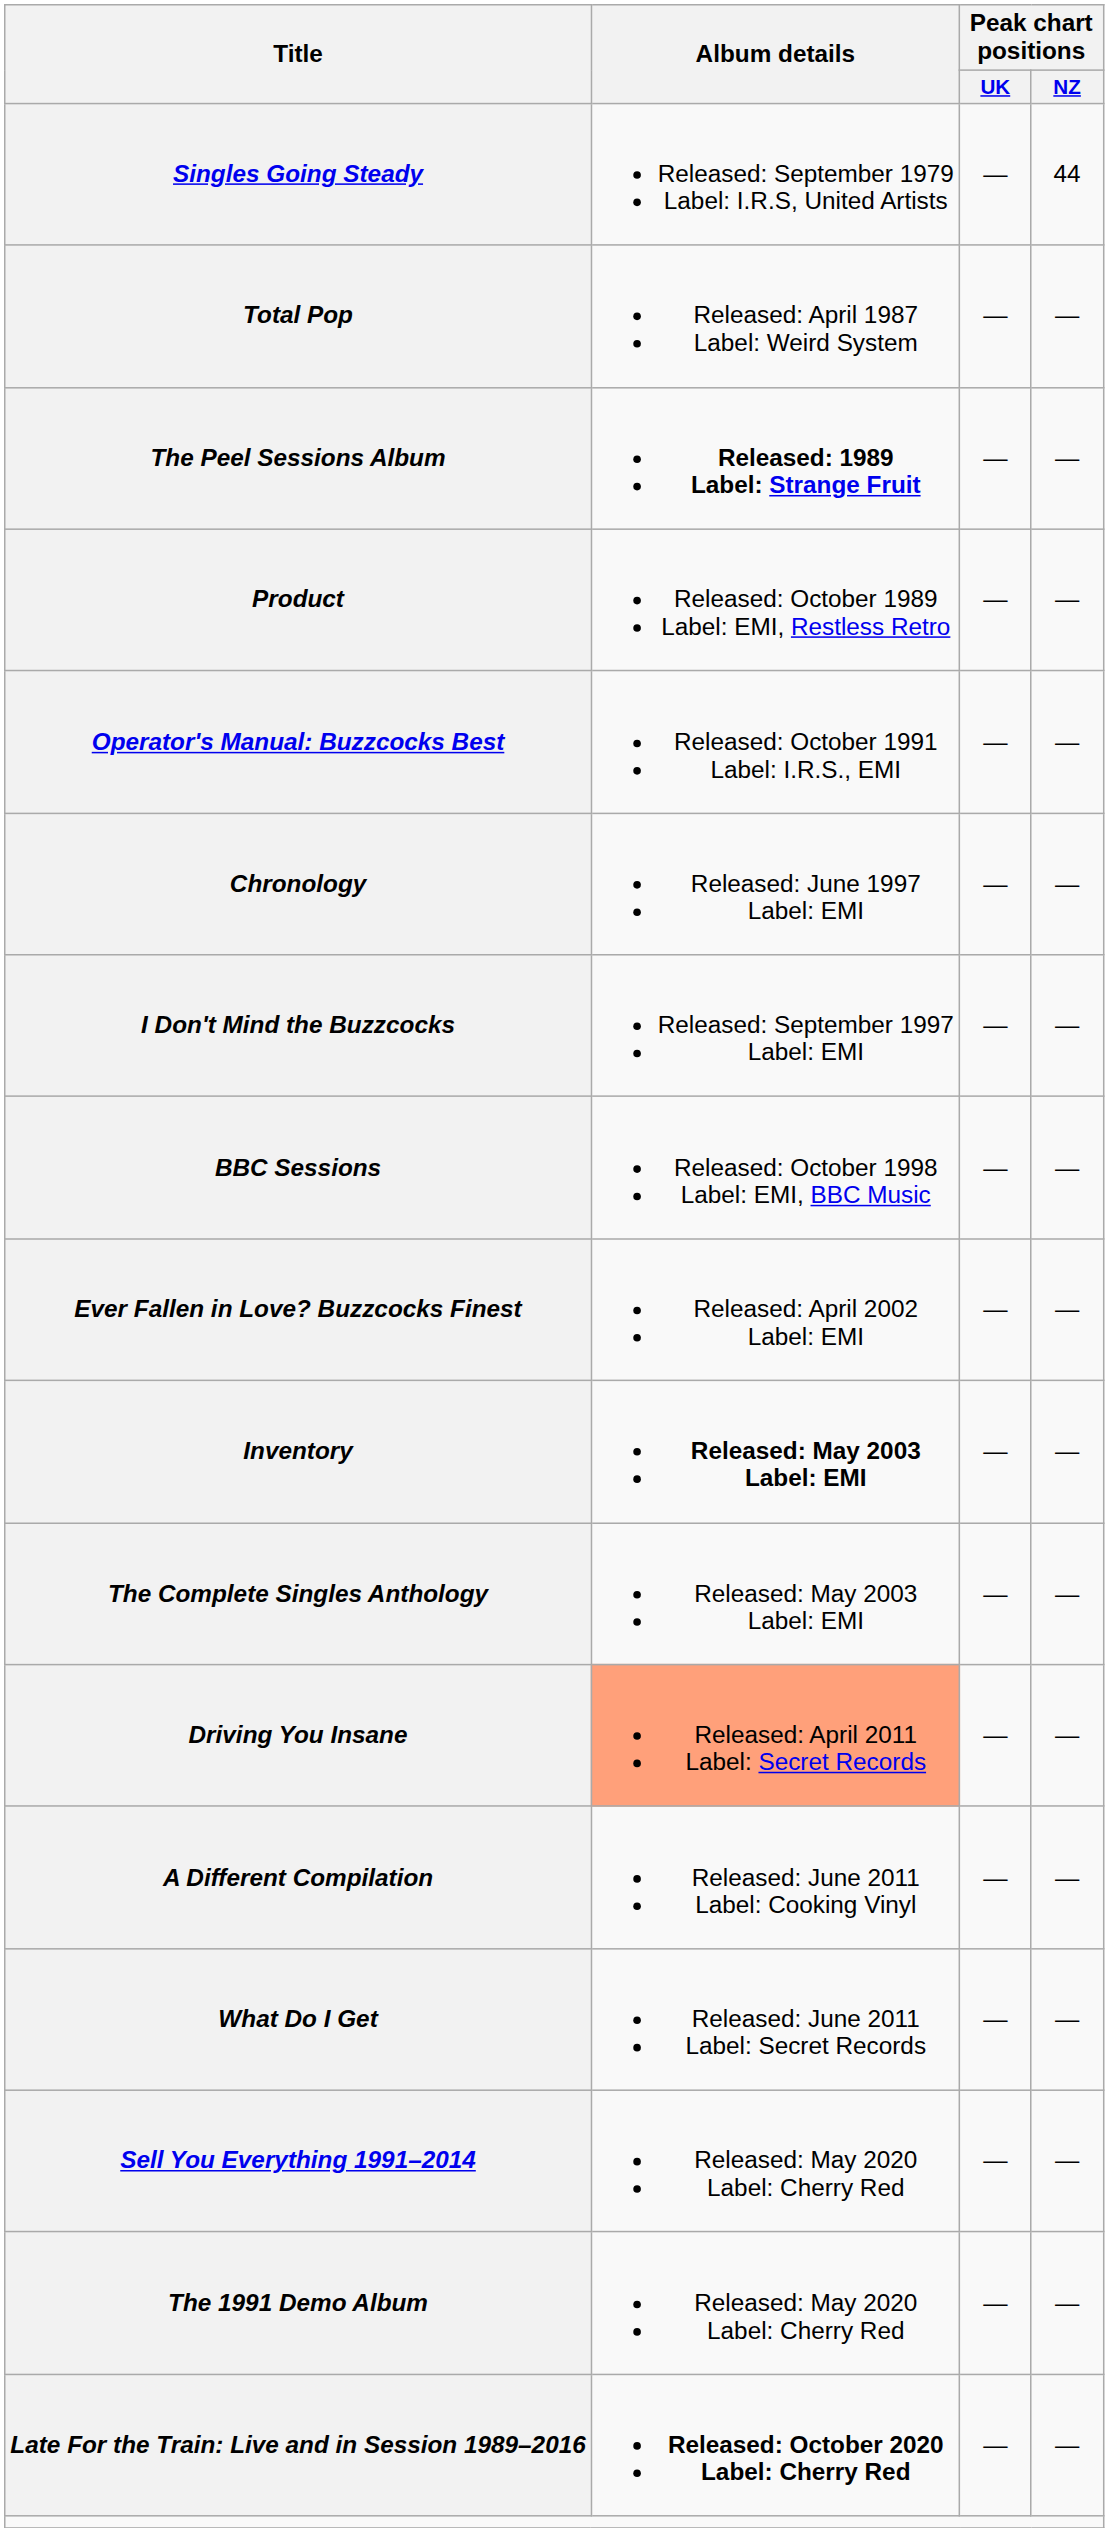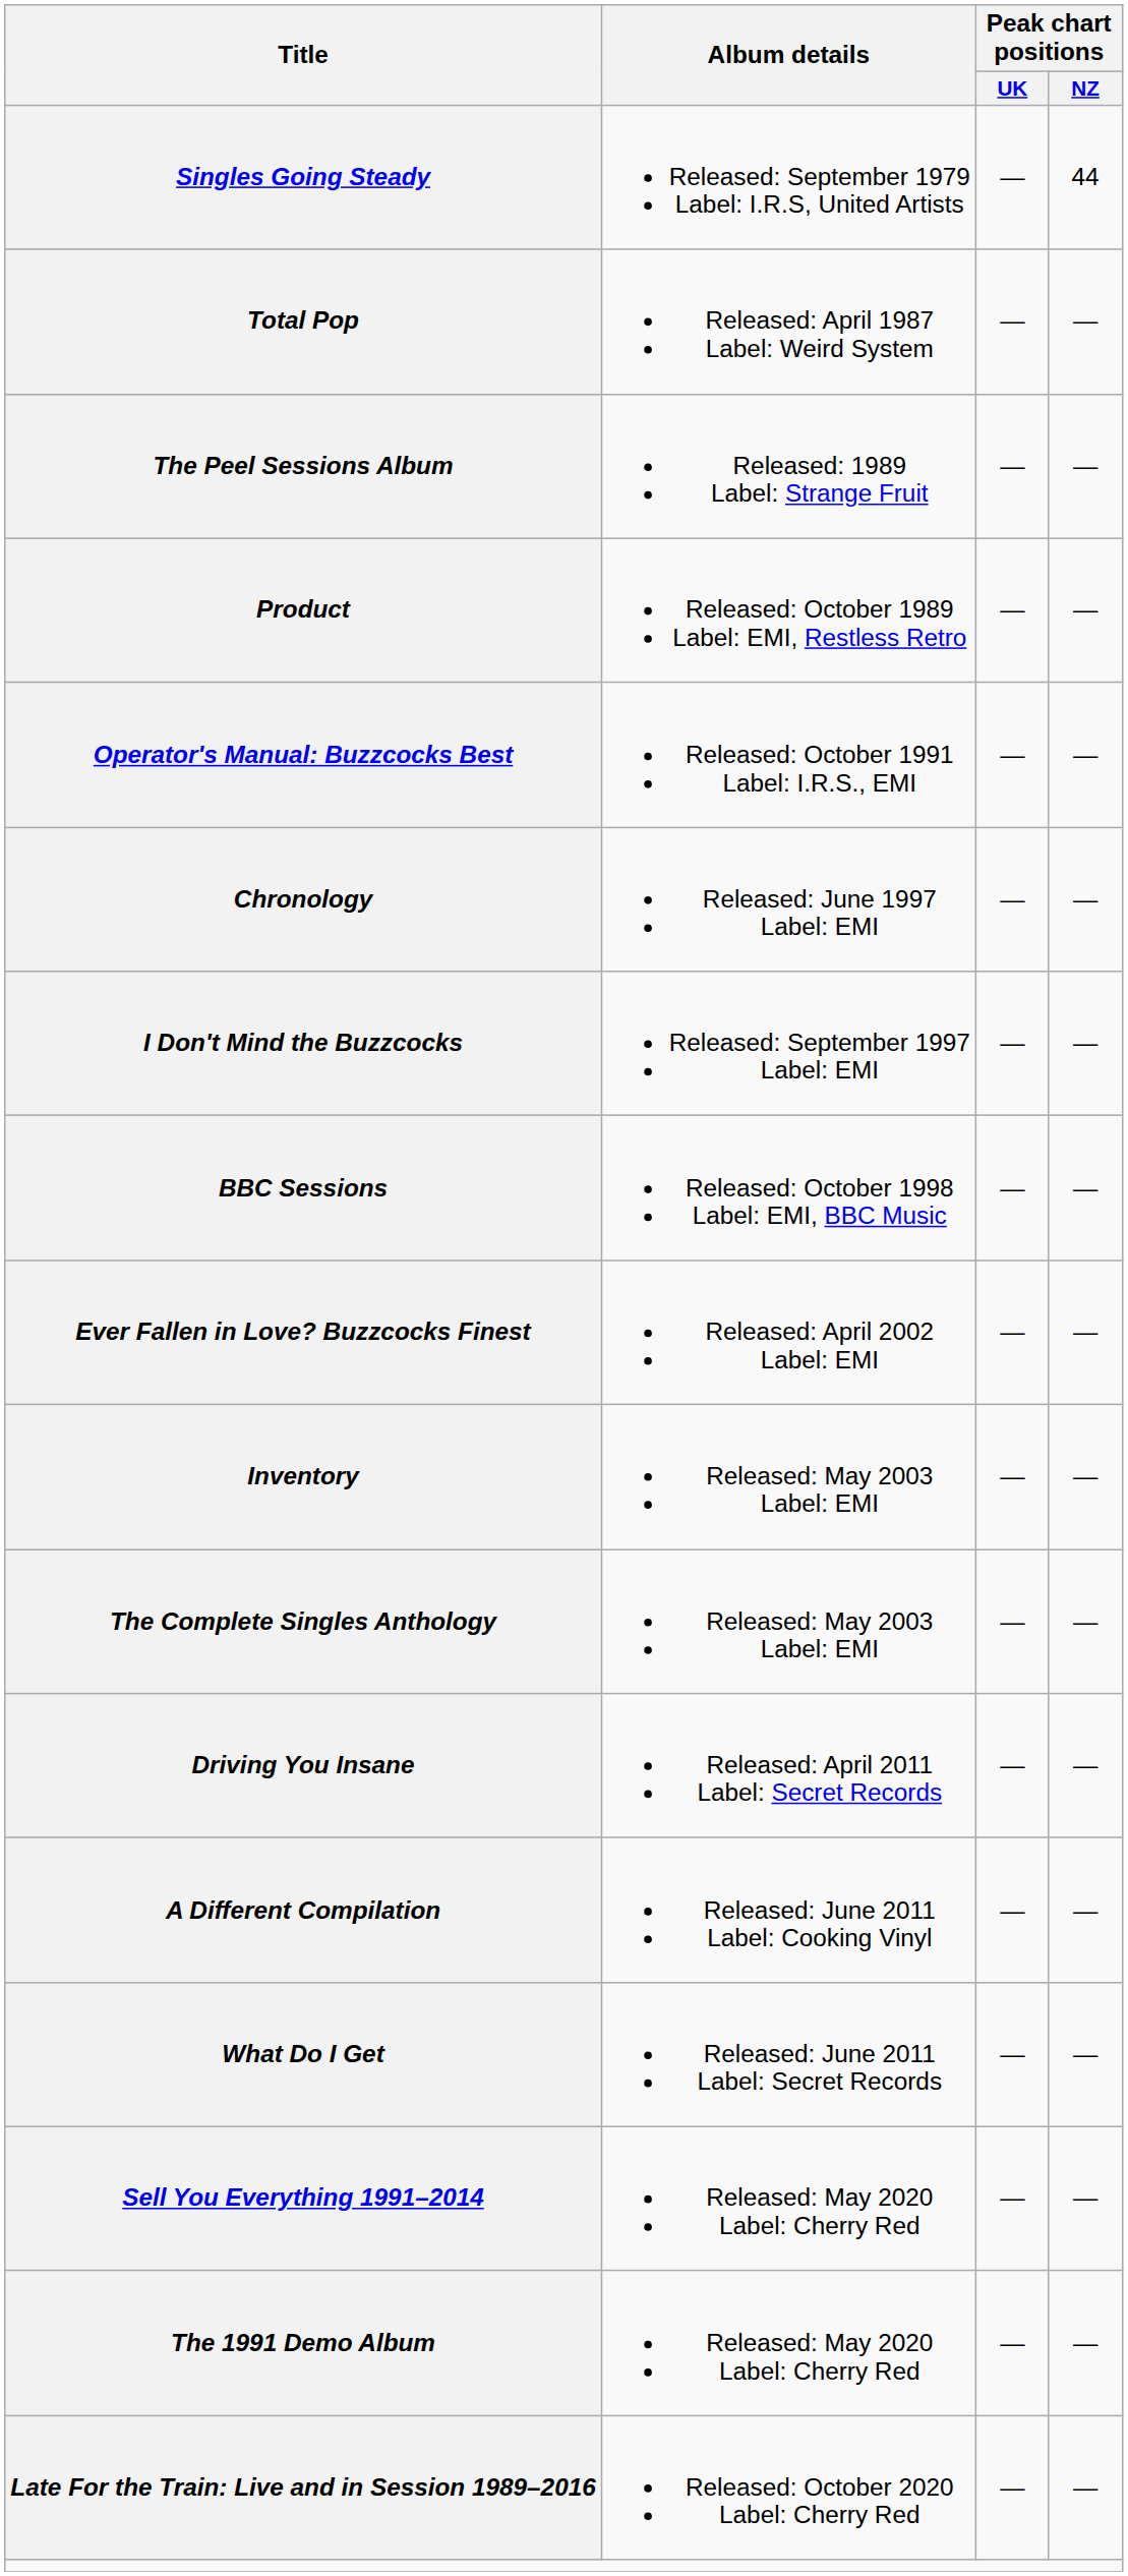 <table class="wikitable plainrowheaders" style="text-align:center;">
 <tr>
 <th rowspan="2">Title</th>
 <th rowspan="2">Album details</th>
 <th colspan="2">Peak chart positions</th>
 </tr>
 <tr>
 <th style="width:3em;font-size:85%"><a href='#'>UK</a><br></th>
 <th style="width:3em;font-size:85%"><a href='#'>NZ</a><br></th>
 </tr>
 <tr>
 <th scope="row"><em><a href='#'>Singles Going Steady</a></em></th>
 <td><br><ul><li>Released: September 1979</li><li>Label: I.R.S, United Artists</li></ul></td>
 <td>—</td>
 <td>44</td>
 </tr>
 <tr>
 <th scope="row"><em>Total Pop</em></th>
 <td><br><ul><li>Released: April 1987</li><li>Label: Weird System</li></ul></td>
 <td>—</td>
 <td>—</td>
 </tr>
 <tr>
 <th scope="row"><em>The Peel Sessions Album</em></th>
-<td><strong><br><ul><li>Released: 1989</li><li>Label: <a href='#'>Strange Fruit</a></li></ul></strong></td>
+<td><br><ul><li>Released: 1989</li><li>Label: <a href='#'>Strange Fruit</a></li></ul></td>
 <td>—</td>
 <td>—</td>
 </tr>
 <tr>
 <th scope="row"><em>Product</em></th>
 <td><br><ul><li>Released: October 1989</li><li>Label: EMI, <a href='#'>Restless Retro</a></li></ul></td>
 <td>—</td>
 <td>—</td>
 </tr>
 <tr>
 <th scope="row"><em><a href='#'>Operator's Manual: Buzzcocks Best</a></em></th>
 <td><br><ul><li>Released: October 1991</li><li>Label: I.R.S., EMI</li></ul></td>
 <td>—</td>
 <td>—</td>
 </tr>
 <tr>
 <th scope="row"><em>Chronology</em></th>
 <td><br><ul><li>Released: June 1997</li><li>Label: EMI</li></ul></td>
 <td>—</td>
 <td>—</td>
 </tr>
 <tr>
 <th scope="row"><em>I Don't Mind the Buzzcocks</em></th>
 <td><br><ul><li>Released: September 1997</li><li>Label: EMI</li></ul></td>
 <td>—</td>
 <td>—</td>
 </tr>
 <tr>
 <th scope="row"><em>BBC Sessions</em></th>
 <td><br><ul><li>Released: October 1998</li><li>Label: EMI, <a href='#'>BBC Music</a></li></ul></td>
 <td>—</td>
 <td>—</td>
 </tr>
 <tr>
 <th scope="row"><em>Ever Fallen in Love? Buzzcocks Finest</em></th>
 <td><br><ul><li>Released: April 2002</li><li>Label: EMI</li></ul></td>
 <td>—</td>
 <td>—</td>
 </tr>
 <tr>
 <th scope="row"><em>Inventory</em></th>
-<td><strong><br><ul><li>Released: May 2003</li><li>Label: EMI</li></ul></strong></td>
+<td><br><ul><li>Released: May 2003</li><li>Label: EMI</li></ul></td>
 <td>—</td>
 <td>—</td>
 </tr>
 <tr>
 <th scope="row"><em>The Complete Singles Anthology</em></th>
 <td><br><ul><li>Released: May 2003</li><li>Label: EMI</li></ul></td>
 <td>—</td>
 <td>—</td>
 </tr>
 <tr>
 <th scope="row"><em>Driving You Insane</em></th>
-<td style="background: lightsalmon;"><br><ul><li>Released: April 2011</li><li>Label: <a href='#'>Secret Records</a></li></ul></td>
+<td><br><ul><li>Released: April 2011</li><li>Label: <a href='#'>Secret Records</a></li></ul></td>
 <td>—</td>
 <td>—</td>
 </tr>
 <tr>
 <th scope="row"><em>A Different Compilation</em></th>
 <td><br><ul><li>Released: June 2011</li><li>Label: Cooking Vinyl</li></ul></td>
 <td>—</td>
 <td>—</td>
 </tr>
 <tr>
 <th scope="row"><em>What Do I Get</em></th>
 <td><br><ul><li>Released: June 2011</li><li>Label: Secret Records</li></ul></td>
 <td>—</td>
 <td>—</td>
 </tr>
 <tr>
 <th scope="row"><em><a href='#'>Sell You Everything 1991–2014</a></em></th>
 <td><br><ul><li>Released: May 2020</li><li>Label: Cherry Red</li></ul></td>
 <td>—</td>
 <td>—</td>
 </tr>
 <tr>
 <th scope="row"><em>The 1991 Demo Album</em></th>
 <td><br><ul><li>Released: May 2020</li><li>Label: Cherry Red</li></ul></td>
 <td>—</td>
 <td>—</td>
 </tr>
 <tr>
 <th scope="row"><em>Late For the Train: Live and in Session 1989–2016</em></th>
-<td><strong><br><ul><li>Released: October 2020</li><li>Label: Cherry Red</li></ul></strong></td>
+<td><br><ul><li>Released: October 2020</li><li>Label: Cherry Red</li></ul></td>
 <td>—</td>
 <td>—</td>
 </tr>
 <tr>
 <td colspan="4"></td>
 </tr>
 </table>
